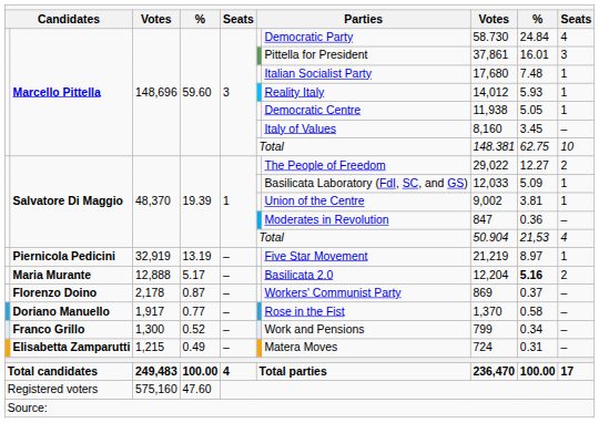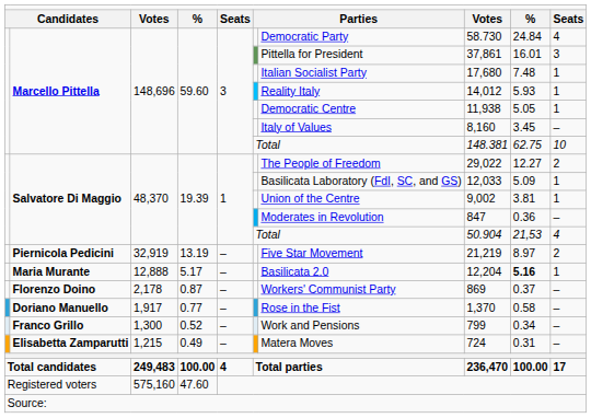 <table class="wikitable">
 <tr>
 <td colspan=10></td>
 </tr>
 <tr>
 <th colspan="2">Candidates</th>
 <th>Votes</th>
 <th>%</th>
 <th>Seats</th>
 <th colspan="2">Parties</th>
 <th>Votes</th>
 <th>%</th>
 <th>Seats</th>
 </tr>
 <tr>
 <td rowspan="7"></td>
 <td rowspan="7"><strong><a href='#'>Marcello Pittella</a></strong></td>
 <td rowspan="7">148,696</td>
 <td rowspan="7">59.60</td>
 <td rowspan="7">3</td>
 <td></td>
 <td align="left"><a href='#'>Democratic Party</a></td>
 <td>58.730</td>
 <td>24.84</td>
 <td>4</td>
 </tr>
 <tr>
 <td bgcolor="#5F9556"></td>
 <td align="left">Pittella for President</td>
 <td>37,861</td>
 <td>16.01</td>
 <td>3</td>
 </tr>
 <tr>
 <td></td>
 <td align="left"><a href='#'>Italian Socialist Party</a></td>
 <td>17,680</td>
 <td>7.48</td>
 <td>1</td>
 </tr>
 <tr>
 <td bgcolor="00BFFF"></td>
 <td align="left"><a href='#'>Reality Italy</a></td>
 <td>14,012</td>
 <td>5.93</td>
 <td>1</td>
 </tr>
 <tr>
 <td></td>
 <td align="left"><a href='#'>Democratic Centre</a></td>
 <td>11,938</td>
 <td>5.05</td>
 <td>1</td>
 </tr>
 <tr>
 <td></td>
 <td align="left"><a href='#'>Italy of Values</a></td>
 <td>8,160</td>
 <td>3.45</td>
 <td>–</td>
 </tr>
 <tr>
 <td colspan="2" align="left"><em>Total</em></td>
 <td><em>148.381</em></td>
 <td><em>62.75</em></td>
 <td><em>10</em></td>
 </tr>
 <tr>
 <td rowspan="5"></td>
 <td rowspan="5" align="left"><strong>Salvatore Di Maggio</strong></td>
 <td rowspan="5">48,370</td>
 <td rowspan="5">19.39</td>
 <td rowspan="5">1</td>
 <td></td>
 <td align="left"><a href='#'>The People of Freedom</a></td>
 <td>29,022</td>
 <td>12.27</td>
 <td>2</td>
 </tr>
 <tr>
 <td></td>
 <td align="left">Basilicata Laboratory (<a href='#'>FdI</a>, <a href='#'>SC</a>, and <a href='#'>GS</a>)</td>
 <td>12,033</td>
 <td>5.09</td>
 <td>1</td>
 </tr>
 <tr>
 <td></td>
 <td align="left"><a href='#'>Union of the Centre</a></td>
 <td>9,002</td>
 <td>3.81</td>
 <td>1</td>
 </tr>
 <tr>
 <td bgcolor="00ADEF"></td>
 <td align="left"><a href='#'>Moderates in Revolution</a></td>
 <td>847</td>
 <td>0.36</td>
 <td>–</td>
 </tr>
 <tr>
 <td colspan="2" align="left"><em>Total</em></td>
 <td><em>50.904</em></td>
 <td><em>21,53</em></td>
 <td><em>4</em></td>
 </tr>
 <tr>
 <td></td>
 <td align="left"><strong>Piernicola Pedicini</strong></td>
 <td>32,919</td>
 <td>13.19</td>
 <td>–</td>
 <td></td>
 <td align="left"><a href='#'>Five Star Movement</a></td>
 <td>21,219</td>
 <td>8.97</td>
-<td>1</td>
+<td>2</td>
 </tr>
 <tr>
 <td></td>
 <td align="left"><strong>Maria Murante</strong></td>
 <td>12,888</td>
 <td>5.17</td>
 <td>–</td>
 <td></td>
 <td align="left"><a href='#'>Basilicata 2.0</a></td>
 <td>12,204</td>
 <td><strong>5.16</strong></td>
-<td>2</td>
+<td>1</td>
 </tr>
 <tr>
 <td></td>
 <td align="left"><strong>Florenzo Doino</strong></td>
 <td>2,178</td>
 <td>0.87</td>
 <td>–</td>
 <td></td>
 <td align="left"><a href='#'>Workers' Communist Party</a></td>
 <td>869</td>
 <td>0.37</td>
 <td>–</td>
 </tr>
 <tr>
 <td bgcolor="2DA4D9"></td>
 <td align="left"><strong>Doriano Manuello</strong></td>
 <td>1,917</td>
 <td>0.77</td>
 <td>–</td>
 <td bgcolor="2DA4D9"></td>
 <td align="left"><a href='#'>Rose in the Fist</a></td>
 <td>1,370</td>
 <td>0.58</td>
 <td>–</td>
 </tr>
 <tr>
 <td bgcolor="E0EDF5"></td>
 <td><strong>Franco Grillo</strong></td>
 <td>1,300</td>
 <td>0.52</td>
 <td>–</td>
 <td bgcolor="E0EDF5"></td>
 <td>Work and Pensions</td>
 <td>799</td>
 <td>0.34</td>
 <td>–</td>
 </tr>
 <tr>
 <td bgcolor="orange"></td>
 <td align="left"><strong>Elisabetta Zamparutti</strong></td>
 <td>1,215</td>
 <td>0.49</td>
 <td>–</td>
 <td bgcolor="orange"></td>
 <td align="left">Matera Moves</td>
 <td>724</td>
 <td>0.31</td>
 <td>–</td>
 </tr>
 <tr>
 <th colspan="10"></th>
 </tr>
 <tr>
 <td colspan="2" align="left"><strong>Total candidates</strong></td>
 <td><strong>249,483</strong></td>
 <td><strong>100.00</strong></td>
 <td><strong>4</strong></td>
 <td colspan="2" align="left"><strong>Total parties</strong></td>
 <td><strong>236,470</strong></td>
 <td><strong>100.00</strong></td>
 <td><strong>17</strong></td>
 </tr>
 <tr>
 <td colspan="2" align="left">Registered voters</td>
 <td>575,160</td>
 <td>47.60</td>
 <td colspan="6"></td>
 </tr>
 <tr>
 <td colspan="11" align="left">Source: </td>
 </tr>
 </table>
